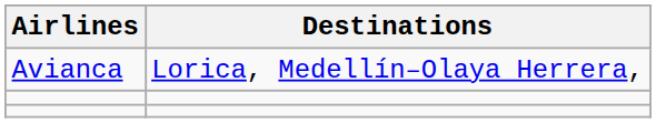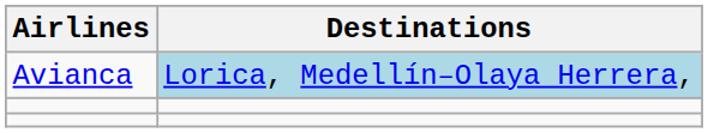 <table class="wikitable">
 <tr>
 <th>Airlines</th>
 <th>Destinations</th>
 </tr>
 <tr>
 <td><a href='#'>Avianca</a></td>
-<td><a href='#'>Lorica</a>, <a href='#'>Medellín–Olaya Herrera</a>,</td>
+<td style="background: lightblue;"><a href='#'>Lorica</a>, <a href='#'>Medellín–Olaya Herrera</a>,</td>
 </tr>
 <tr>
 <td></td>
 <td></td>
 </tr>
 <tr>
 <td></td>
 <td></td>
 </tr>
 </table>
